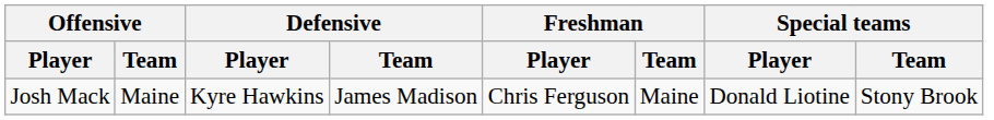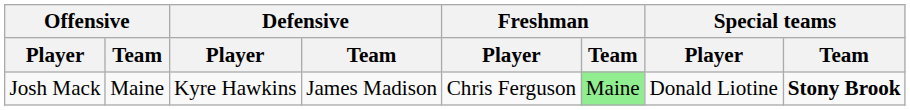 <table class="wikitable" border="1">
 <tr>
 <th colspan="2">Offensive</th>
 <th colspan="2">Defensive</th>
 <th colspan="2">Freshman</th>
 <th colspan="2">Special teams</th>
 </tr>
 <tr>
 <th>Player</th>
 <th>Team</th>
 <th>Player</th>
 <th>Team</th>
 <th>Player</th>
 <th>Team</th>
 <th>Player</th>
 <th>Team</th>
 </tr>
 <tr>
 <td>Josh Mack</td>
 <td>Maine</td>
 <td>Kyre Hawkins</td>
 <td>James Madison</td>
 <td>Chris Ferguson</td>
-<td>Maine</td>
+<td style="background: lightgreen;">Maine</td>
 <td>Donald Liotine</td>
-<td>Stony Brook</td>
+<td><strong>Stony Brook</strong></td>
 </tr>
 </table>
